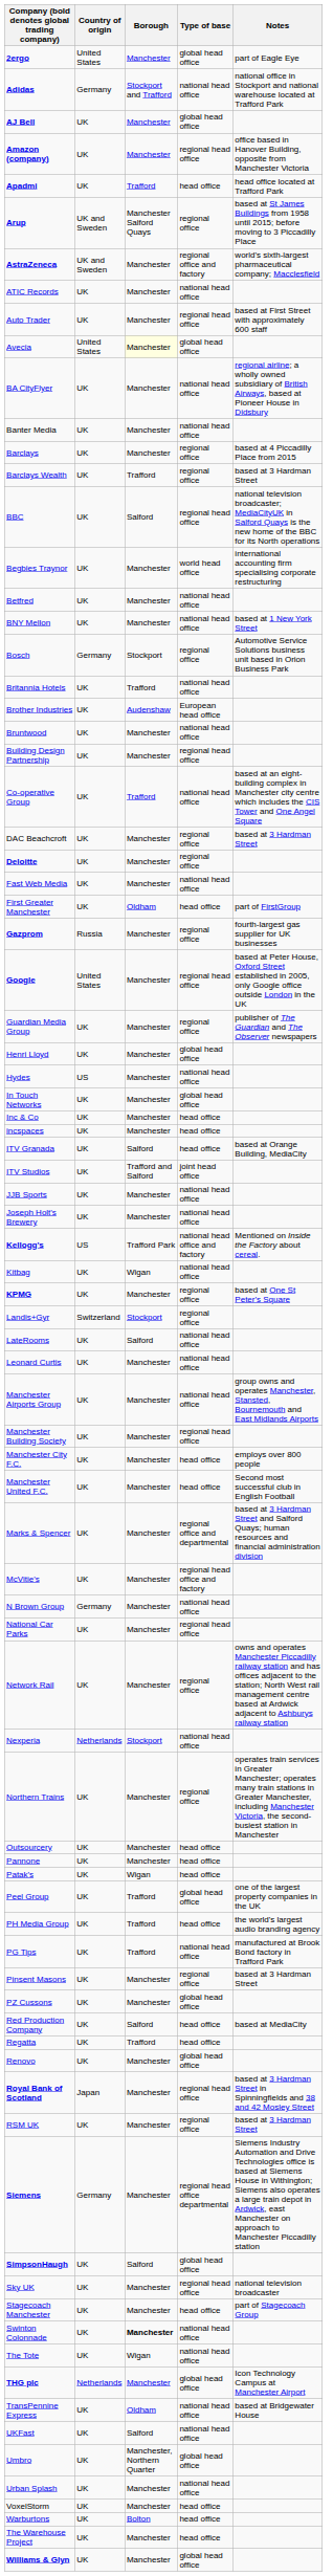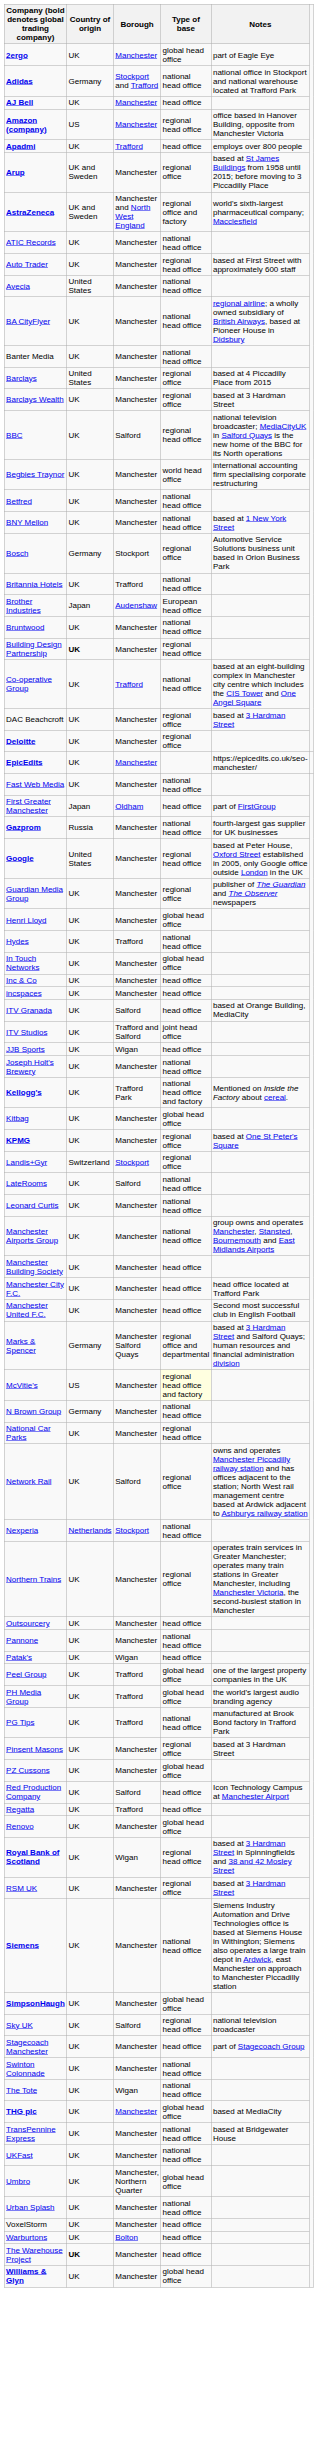 <table class="wikitable sortable">
 <tr>
 <th>Company (<strong>bold</strong> denotes global trading company)</th>
 <th>Country of origin</th>
 <th>Borough</th>
 <th>Type of base</th>
 <th>Notes</th>
 </tr>
 <tr>
 <td><strong><a href='#'>2ergo</a></strong></td>
-<td>United States</td>
+<td>UK</td>
 <td><a href='#'>Manchester</a></td>
 <td>global head office</td>
 <td>part of Eagle Eye</td>
 </tr>
 <tr>
 <td><strong><a href='#'>Adidas</a></strong></td>
 <td>Germany</td>
 <td><a href='#'>Stockport</a> and <a href='#'>Trafford</a></td>
 <td>national head office</td>
 <td>national office in Stockport and national warehouse located at Trafford Park</td>
 </tr>
 <tr>
 <td><strong><a href='#'>AJ Bell</a></strong></td>
 <td>UK</td>
 <td><a href='#'>Manchester</a></td>
-<td>global head office</td>
+<td>head office</td>
 <td></td>
 </tr>
 <tr>
 <td><strong><a href='#'>Amazon (company)</a></strong></td>
-<td>UK</td>
+<td>US</td>
 <td><a href='#'>Manchester</a></td>
 <td>regional head office</td>
 <td>office based in Hanover Building, opposite from Manchester Victoria</td>
 </tr>
 <tr>
 <td><strong><a href='#'>Apadmi</a></strong></td>
 <td>UK</td>
 <td><a href='#'>Trafford</a></td>
 <td>head office</td>
-<td>head office located at Trafford Park</td>
+<td>employs over 800 people</td>
 </tr>
 <tr>
 <td><strong><a href='#'>Arup</a></strong></td>
 <td>UK and Sweden</td>
-<td>Manchester<br>Salford Quays</td>
+<td>Manchester</td>
 <td>regional office</td>
 <td>based at <a href='#'>St James Buildings</a> from 1958 until 2015; before moving to 3 Piccadilly Place</td>
 </tr>
 <tr>
 <td><strong><a href='#'>AstraZeneca</a></strong></td>
 <td>UK and Sweden</td>
-<td>Manchester</td>
+<td>Manchester and <a href='#'>North West England</a></td>
 <td>regional office and factory</td>
 <td>world's sixth-largest pharmaceutical company; <a href='#'>Macclesfield</a></td>
 </tr>
 <tr>
 <td><a href='#'>ATIC Records</a></td>
 <td>UK</td>
 <td>Manchester</td>
 <td>national head office</td>
 <td></td>
 </tr>
 <tr>
 <td><a href='#'>Auto Trader</a></td>
 <td>UK</td>
 <td>Manchester</td>
 <td>regional head office</td>
 <td>based at First Street with approximately 600 staff</td>
 </tr>
 <tr>
 <td><a href='#'>Avecia</a></td>
 <td>United States</td>
-<td style="background: lightyellow;">Manchester</td>
-<td>global head office</td>
+<td>Manchester</td>
+<td>national head office</td>
 <td></td>
 </tr>
 <tr>
 <td><a href='#'>BA CityFlyer</a></td>
 <td>UK</td>
 <td>Manchester</td>
 <td>national head office</td>
 <td><a href='#'>regional airline</a>; a wholly owned subsidiary of <a href='#'>British Airways</a>, based at Pioneer House in <a href='#'>Didsbury</a></td>
 </tr>
 <tr>
 <td>Banter Media</td>
 <td>UK</td>
 <td>Manchester</td>
 <td>national head office</td>
 <td></td>
 </tr>
 <tr>
 <td><a href='#'>Barclays</a></td>
-<td>UK</td>
+<td>United States</td>
 <td>Manchester</td>
 <td>regional office</td>
 <td>based at 4 Piccadilly Place from 2015</td>
 </tr>
 <tr>
 <td><a href='#'>Barclays Wealth</a></td>
 <td>UK</td>
-<td>Trafford</td>
+<td>Manchester</td>
 <td>regional office</td>
 <td>based at 3 Hardman Street</td>
 </tr>
 <tr>
 <td><a href='#'>BBC</a></td>
 <td>UK</td>
 <td>Salford</td>
 <td>regional head office</td>
 <td>national television broadcaster; <a href='#'>MediaCityUK</a> in <a href='#'>Salford Quays</a> is the new home of the BBC for its North operations</td>
 </tr>
 <tr>
 <td><a href='#'>Begbies Traynor</a></td>
 <td>UK</td>
 <td>Manchester</td>
 <td>world head office</td>
 <td>international accounting firm specialising corporate restructuring</td>
 </tr>
 <tr>
 <td><a href='#'>Betfred</a></td>
 <td>UK</td>
 <td>Manchester</td>
 <td>national head office</td>
 <td></td>
 </tr>
 <tr>
 <td><a href='#'>BNY Mellon</a></td>
 <td>UK</td>
 <td>Manchester</td>
 <td>national head office</td>
 <td>based at <a href='#'>1 New York Street</a></td>
 </tr>
 <tr>
 <td><a href='#'>Bosch</a></td>
 <td>Germany</td>
 <td>Stockport</td>
 <td>regional office</td>
 <td>Automotive Service Solutions business unit based in Orion Business Park</td>
 </tr>
 <tr>
 <td><a href='#'>Britannia Hotels</a></td>
 <td>UK</td>
 <td>Trafford</td>
 <td>national head office</td>
 <td></td>
 </tr>
 <tr>
 <td><a href='#'>Brother Industries</a></td>
-<td>UK</td>
+<td>Japan</td>
 <td><a href='#'>Audenshaw</a></td>
 <td>European head office</td>
 <td></td>
 </tr>
 <tr>
 <td><a href='#'>Bruntwood</a></td>
 <td>UK</td>
 <td>Manchester</td>
 <td>national head office</td>
 <td></td>
 </tr>
 <tr>
 <td><a href='#'>Building Design Partnership</a></td>
-<td>UK</td>
+<td><strong>UK</strong></td>
 <td>Manchester</td>
 <td>regional head office</td>
 <td></td>
 </tr>
 <tr>
 <td><a href='#'>Co-operative Group</a></td>
 <td>UK</td>
 <td><a href='#'>Trafford</a></td>
 <td>national head office</td>
 <td>based at an eight-building complex in Manchester city centre which includes the <a href='#'>CIS Tower</a> and <a href='#'>One Angel Square</a></td>
 </tr>
 <tr>
 <td>DAC Beachcroft</td>
 <td>UK</td>
 <td>Manchester</td>
 <td>regional office</td>
 <td>based at <a href='#'>3 Hardman Street</a></td>
 </tr>
 <tr>
 <td><strong><a href='#'>Deloitte</a></strong></td>
 <td>UK</td>
 <td>Manchester</td>
 <td>regional office</td>
 <td></td>
 </tr>
 <tr>
+<td><strong><a href='#'>EpicEdits</a></strong></td>
+<td>UK</td>
+<td><a href='#'>Manchester</a></td>
+<td></td>
+<td>https://epicedits.co.uk/seo-manchester/</td>
+<td></td>
+</tr>
+<tr>
 <td><a href='#'>Fast Web Media</a></td>
 <td>UK</td>
 <td>Manchester</td>
 <td>national head office</td>
 <td></td>
 </tr>
 <tr>
 <td><a href='#'>First Greater Manchester</a></td>
-<td>UK</td>
+<td>Japan</td>
 <td><a href='#'>Oldham</a></td>
 <td>head office</td>
 <td>part of <a href='#'>FirstGroup</a></td>
 </tr>
 <tr>
 <td><strong><a href='#'>Gazprom</a></strong></td>
 <td>Russia</td>
 <td>Manchester</td>
-<td>regional office</td>
+<td>national head office</td>
 <td>fourth-largest gas supplier for UK businesses</td>
 </tr>
 <tr>
 <td><strong><a href='#'>Google</a></strong></td>
 <td>United States</td>
 <td>Manchester</td>
 <td>regional head office</td>
 <td>based at Peter House, <a href='#'>Oxford Street</a> established in 2005, only Google office outside <a href='#'>London</a> in the UK</td>
 </tr>
 <tr>
 <td><a href='#'>Guardian Media Group</a></td>
 <td>UK</td>
 <td>Manchester</td>
 <td>regional office</td>
 <td>publisher of <em><a href='#'>The Guardian</a></em> and <em><a href='#'>The Observer</a></em> newspapers</td>
 </tr>
 <tr>
 <td><a href='#'>Henri Lloyd</a></td>
 <td>UK</td>
 <td>Manchester</td>
 <td>global head office</td>
 <td></td>
 </tr>
 <tr>
 <td><a href='#'>Hydes</a></td>
-<td>US</td>
-<td>Manchester</td>
+<td>UK</td>
+<td>Trafford</td>
 <td>national head office</td>
 <td></td>
 </tr>
 <tr>
 <td><a href='#'>In Touch Networks</a></td>
 <td>UK</td>
 <td>Manchester</td>
 <td>global head office</td>
 <td></td>
 </tr>
 <tr>
 <td><a href='#'>Inc & Co</a></td>
 <td>UK</td>
 <td>Manchester</td>
 <td>head office</td>
 <td></td>
 </tr>
 <tr>
 <td><a href='#'>incspaces</a></td>
 <td>UK</td>
 <td>Manchester</td>
 <td>head office</td>
 <td></td>
 </tr>
 <tr>
 <td><a href='#'>ITV Granada</a></td>
 <td>UK</td>
 <td>Salford</td>
 <td>head office</td>
 <td>based at Orange Building, MediaCity</td>
 </tr>
 <tr>
 <td><a href='#'>ITV Studios</a></td>
 <td>UK</td>
 <td>Trafford and Salford</td>
 <td>joint head office</td>
 <td></td>
 </tr>
 <tr>
 <td><a href='#'>JJB Sports</a></td>
 <td>UK</td>
-<td>Manchester</td>
-<td>national head office</td>
+<td>Wigan</td>
+<td>head office</td>
 <td></td>
 </tr>
 <tr>
 <td><a href='#'>Joseph Holt's Brewery</a></td>
 <td>UK</td>
 <td>Manchester</td>
 <td>national head office</td>
 <td></td>
 </tr>
 <tr>
 <td><strong><a href='#'>Kellogg's</a></strong></td>
-<td>US</td>
+<td>UK</td>
 <td>Trafford Park</td>
 <td>national head office and factory</td>
 <td>Mentioned on <em>Inside the Factory</em> about <a href='#'>cereal</a>.</td>
 </tr>
 <tr>
 <td><a href='#'>Kitbag</a></td>
 <td>UK</td>
-<td>Wigan</td>
-<td>national head office</td>
+<td>Manchester</td>
+<td>global head office</td>
 <td></td>
 </tr>
 <tr>
 <td><strong><a href='#'>KPMG</a></strong></td>
 <td>UK</td>
 <td>Manchester</td>
 <td>regional office</td>
 <td>based at <a href='#'>One St Peter's Square</a></td>
 </tr>
 <tr>
 <td><a href='#'>Landis+Gyr</a></td>
 <td>Switzerland</td>
 <td><a href='#'>Stockport</a></td>
 <td>regional office</td>
 <td></td>
 </tr>
 <tr>
 <td><a href='#'>LateRooms</a></td>
 <td>UK</td>
 <td>Salford</td>
 <td>national head office</td>
 <td></td>
 </tr>
 <tr>
 <td><a href='#'>Leonard Curtis</a></td>
 <td>UK</td>
 <td>Manchester</td>
 <td>national head office</td>
 <td></td>
 </tr>
 <tr>
 <td><a href='#'>Manchester Airports Group</a></td>
 <td>UK</td>
 <td>Manchester</td>
 <td>national head office</td>
 <td>group owns and operates <a href='#'>Manchester</a>, <a href='#'>Stansted</a>, <a href='#'>Bournemouth</a> and <a href='#'>East Midlands Airports</a></td>
 </tr>
 <tr>
 <td><a href='#'>Manchester Building Society</a></td>
 <td>UK</td>
 <td>Manchester</td>
-<td>regional head office</td>
+<td>head office</td>
 <td></td>
 </tr>
 <tr>
 <td><a href='#'>Manchester City F.C.</a></td>
 <td>UK</td>
 <td>Manchester</td>
 <td>head office</td>
-<td>employs over 800 people</td>
+<td>head office located at Trafford Park</td>
 </tr>
 <tr>
 <td><a href='#'>Manchester United F.C.</a></td>
 <td>UK</td>
 <td>Manchester</td>
 <td>head office</td>
 <td>Second most successful club in English Football</td>
 </tr>
 <tr>
 <td><a href='#'>Marks & Spencer</a></td>
-<td>UK</td>
-<td>Manchester</td>
+<td>Germany</td>
+<td>Manchester<br>Salford Quays</td>
 <td>regional office and departmental</td>
 <td>based at <a href='#'>3 Hardman Street</a> and Salford Quays; human resources and financial administration <a href='#'>division</a></td>
 </tr>
 <tr>
 <td><a href='#'>McVitie's</a></td>
-<td>UK</td>
+<td>US</td>
 <td>Manchester</td>
-<td>regional head office and factory</td>
+<td style="background: lightyellow;">regional head office and factory</td>
 <td></td>
 </tr>
 <tr>
 <td><a href='#'>N Brown Group</a></td>
 <td>Germany</td>
 <td>Manchester</td>
 <td>national head office</td>
 <td></td>
 </tr>
 <tr>
 <td><a href='#'>National Car Parks</a></td>
 <td>UK</td>
 <td>Manchester</td>
 <td>regional head office</td>
 <td></td>
 </tr>
 <tr>
 <td><a href='#'>Network Rail</a></td>
 <td>UK</td>
-<td>Manchester</td>
+<td>Salford</td>
 <td>regional office</td>
 <td>owns and operates <a href='#'>Manchester Piccadilly railway station</a> and has offices adjacent to the station; North West rail management centre based at Ardwick adjacent to <a href='#'>Ashburys railway station</a></td>
 </tr>
 <tr>
 <td><a href='#'>Nexperia</a></td>
 <td><a href='#'>Netherlands</a></td>
 <td><a href='#'>Stockport</a></td>
 <td>national head office</td>
 <td></td>
 </tr>
 <tr>
 <td><a href='#'>Northern Trains</a></td>
 <td>UK</td>
 <td>Manchester</td>
 <td>regional office</td>
 <td>operates train services in Greater Manchester; operates many train stations in Greater Manchester, including <a href='#'>Manchester Victoria</a>, the second-busiest station in Manchester</td>
 </tr>
 <tr>
 <td><a href='#'>Outsourcery</a></td>
 <td>UK</td>
 <td>Manchester</td>
 <td>head office</td>
 <td></td>
 </tr>
 <tr>
 <td><a href='#'>Pannone</a></td>
 <td>UK</td>
 <td>Manchester</td>
-<td>head office</td>
+<td>national head office</td>
 <td></td>
 </tr>
 <tr>
 <td><a href='#'>Patak's</a></td>
 <td>UK</td>
 <td>Wigan</td>
 <td>head office</td>
 <td></td>
 </tr>
 <tr>
 <td><a href='#'>Peel Group</a></td>
 <td>UK</td>
 <td>Trafford</td>
 <td>global head office</td>
 <td>one of the largest property companies in the UK</td>
 </tr>
 <tr>
 <td><a href='#'>PH Media Group</a></td>
 <td>UK</td>
 <td>Trafford</td>
-<td>head office</td>
+<td>global head office</td>
 <td>the world's largest audio branding agency</td>
 </tr>
 <tr>
 <td><a href='#'>PG Tips</a></td>
 <td>UK</td>
 <td>Trafford</td>
 <td>national head office</td>
 <td>manufactured at Brook Bond factory in Trafford Park</td>
 </tr>
 <tr>
 <td><a href='#'>Pinsent Masons</a></td>
 <td>UK</td>
 <td>Manchester</td>
 <td>regional office</td>
 <td>based at 3 Hardman Street</td>
 </tr>
 <tr>
 <td><a href='#'>PZ Cussons</a></td>
 <td>UK</td>
 <td>Manchester</td>
 <td>global head office</td>
 <td></td>
 </tr>
 <tr>
 <td><a href='#'>Red Production Company</a></td>
 <td>UK</td>
 <td>Salford</td>
 <td>head office</td>
-<td>based at MediaCity</td>
+<td>Icon Technology Campus at <a href='#'>Manchester Airport</a></td>
 </tr>
 <tr>
 <td><a href='#'>Regatta</a></td>
 <td>UK</td>
 <td>Trafford</td>
 <td>head office</td>
 <td></td>
 </tr>
 <tr>
 <td><a href='#'>Renovo</a></td>
 <td>UK</td>
 <td>Manchester</td>
 <td>global head office</td>
 <td></td>
 </tr>
 <tr>
 <td><strong><a href='#'>Royal Bank of Scotland</a></strong></td>
-<td>Japan</td>
-<td>Manchester</td>
+<td>UK</td>
+<td>Wigan</td>
 <td>regional head office</td>
 <td>based at <a href='#'>3 Hardman Street</a> in Spinningfields and <a href='#'>38 and 42 Mosley Street</a></td>
 </tr>
 <tr>
 <td><a href='#'>RSM UK</a></td>
 <td>UK</td>
 <td>Manchester</td>
 <td>regional office</td>
 <td>based at <a href='#'>3 Hardman Street</a></td>
 </tr>
 <tr>
 <td><strong><a href='#'>Siemens</a></strong></td>
-<td>Germany</td>
+<td>UK</td>
 <td>Manchester</td>
-<td>regional head office<br>departmental</td>
+<td>national head office</td>
 <td>Siemens Industry Automation and Drive Technologies office is based at Siemens House in Withington; Siemens also operates a large train depot in <a href='#'>Ardwick</a>, east Manchester on approach to Manchester Piccadilly station</td>
 </tr>
 <tr>
 <td><strong><a href='#'>SimpsonHaugh</a></strong></td>
 <td>UK</td>
-<td>Salford</td>
+<td>Manchester</td>
 <td>global head office</td>
 <td></td>
 </tr>
 <tr>
 <td><a href='#'>Sky UK</a></td>
 <td>UK</td>
-<td>Manchester</td>
+<td>Salford</td>
 <td>regional head office</td>
 <td>national television broadcaster</td>
 </tr>
 <tr>
 <td><a href='#'>Stagecoach Manchester</a></td>
 <td>UK</td>
 <td>Manchester</td>
 <td>head office</td>
 <td>part of <a href='#'>Stagecoach Group</a></td>
 </tr>
 <tr>
 <td><a href='#'>Swinton Colonnade</a></td>
 <td>UK</td>
-<td><strong>Manchester</strong></td>
+<td>Manchester</td>
 <td>national head office</td>
 <td></td>
 </tr>
 <tr>
 <td><a href='#'>The Tote</a></td>
 <td>UK</td>
 <td>Wigan</td>
 <td>national head office</td>
 <td></td>
 </tr>
 <tr>
 <td><strong><a href='#'>THG plc</a></strong></td>
-<td><a href='#'>Netherlands</a></td>
+<td>UK</td>
 <td><a href='#'>Manchester</a></td>
 <td>global head office</td>
-<td>Icon Technology Campus at <a href='#'>Manchester Airport</a></td>
+<td>based at MediaCity</td>
 </tr>
 <tr>
 <td><a href='#'>TransPennine Express</a></td>
 <td>UK</td>
-<td><a href='#'>Oldham</a></td>
+<td>Manchester</td>
 <td>national head office</td>
 <td>based at Bridgewater House</td>
 </tr>
 <tr>
 <td><a href='#'>UKFast</a></td>
 <td>UK</td>
-<td>Salford</td>
+<td>Manchester</td>
 <td>national head office</td>
 <td></td>
 </tr>
 <tr>
 <td><a href='#'>Umbro</a></td>
 <td>UK</td>
 <td>Manchester, Northern Quarter</td>
 <td>global head office</td>
 <td></td>
 </tr>
 <tr>
 <td><a href='#'>Urban Splash</a></td>
 <td>UK</td>
 <td>Manchester</td>
 <td>national head office</td>
 <td></td>
 </tr>
 <tr>
 <td>VoxelStorm</td>
 <td>UK</td>
 <td>Manchester</td>
 <td>head office</td>
 <td></td>
 </tr>
 <tr>
 <td><a href='#'>Warburtons</a></td>
 <td>UK</td>
 <td><a href='#'>Bolton</a></td>
 <td>head office</td>
 <td></td>
 </tr>
 <tr>
 <td><a href='#'>The Warehouse Project</a></td>
-<td>UK</td>
+<td><strong>UK</strong></td>
 <td>Manchester</td>
 <td>head office</td>
 <td></td>
 </tr>
 <tr>
 <td><strong><a href='#'>Williams & Glyn</a></strong></td>
 <td>UK</td>
 <td>Manchester</td>
 <td>global head office</td>
 <td></td>
 </tr>
 </table>
